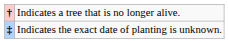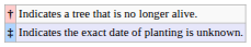 <table class="wikitable">
 <tr>
 <th style="background:#FFCCCC;">†</th>
 <td>Indicates a tree that is no longer alive.</td>
 </tr>
 <tr>
 <th style="background:#B0D4FF;">‡</th>
-<td>Indicates the exact date of planting is unknown.</td>
+<td style="background: lavender;">Indicates the exact date of planting is unknown.</td>
 </tr>
 </table>
